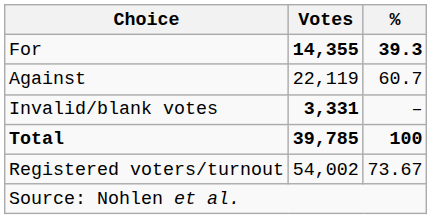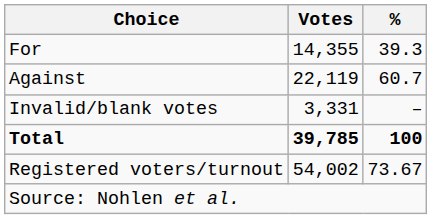 <table class=wikitable style=text-align:right>
 <tr>
 <th>Choice</th>
 <th>Votes</th>
 <th>%</th>
 </tr>
 <tr>
 <td align=left>For</td>
-<td><strong>14,355</strong></td>
-<td><strong>39.3</strong></td>
+<td>14,355</td>
+<td>39.3</td>
 </tr>
 <tr>
 <td align=left>Against</td>
 <td>22,119</td>
 <td>60.7</td>
 </tr>
 <tr>
 <td align=left>Invalid/blank votes</td>
-<td><strong>3,331</strong></td>
+<td>3,331</td>
 <td>–</td>
 </tr>
 <tr>
 <td align=left><strong>Total</strong></td>
 <td><strong>39,785</strong></td>
 <td><strong>100</strong></td>
 </tr>
 <tr>
 <td align=left>Registered voters/turnout</td>
 <td>54,002</td>
 <td>73.67</td>
 </tr>
 <tr>
 <td colspan=3 align=left>Source: Nohlen <em>et al.</em></td>
 </tr>
 </table>
